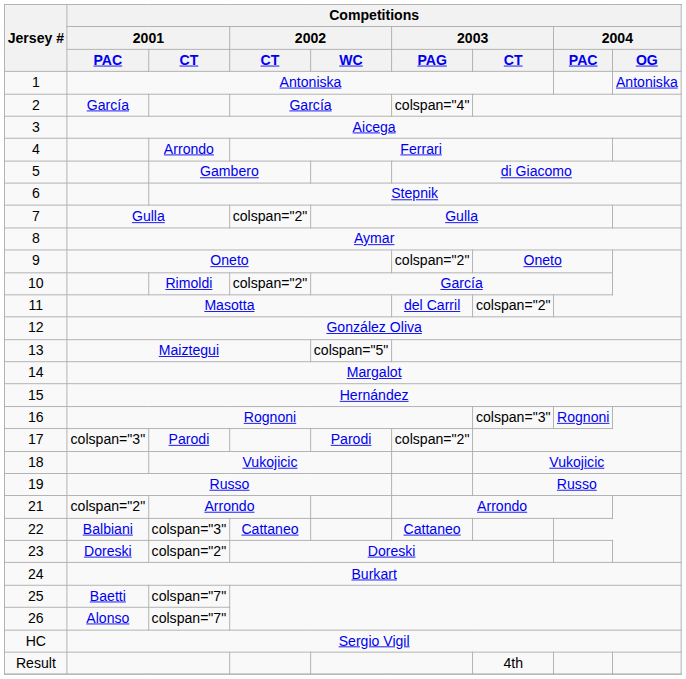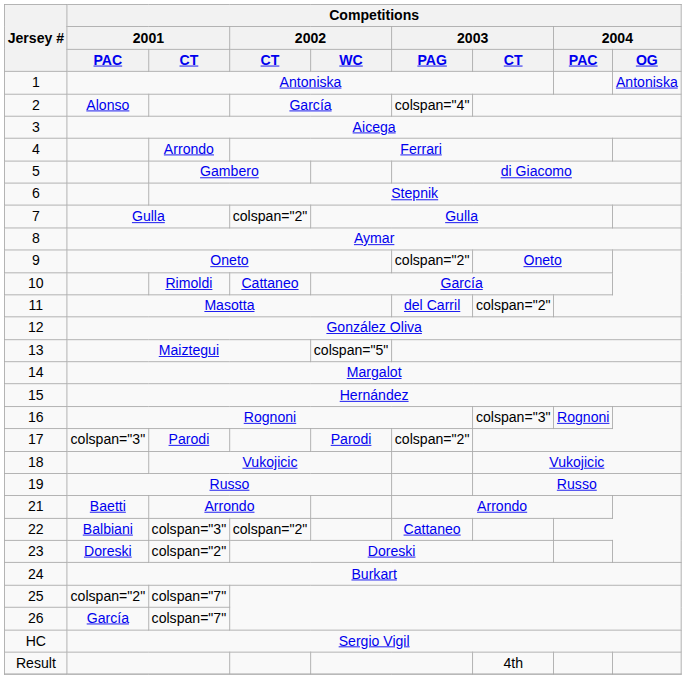 <table class="wikitable" style="text-align:center">
 <tr>
 <th rowspan="3">Jersey #</th>
 <th colspan="21">Competitions</th>
 </tr>
 <tr>
 <th colspan="2">2001</th>
 <th colspan="2">2002</th>
 <th colspan="2">2003</th>
 <th colspan="2">2004</th>
 </tr>
 <tr>
 <th><a href='#'>PAC</a></th>
 <th><a href='#'>CT</a></th>
 <th><a href='#'>CT</a></th>
 <th><a href='#'>WC</a></th>
 <th><a href='#'>PAG</a></th>
 <th><a href='#'>CT</a></th>
 <th><a href='#'>PAC</a></th>
 <th><a href='#'>OG</a></th>
 </tr>
 <tr>
 <td>1</td>
 <td colspan="6"><a href='#'>Antoniska</a></td>
 <td></td>
 <td><a href='#'>Antoniska</a></td>
 </tr>
 <tr>
 <td>2</td>
-<td><a href='#'>García</a></td>
+<td><a href='#'>Alonso</a></td>
 <td></td>
 <td colspan="2"><a href='#'>García</a></td>
 <td>colspan="4"</td>
 </tr>
 <tr>
 <td>3</td>
 <td colspan="8"><a href='#'>Aicega</a></td>
 </tr>
 <tr>
 <td>4</td>
 <td></td>
 <td><a href='#'>Arrondo</a></td>
 <td colspan="5"><a href='#'>Ferrari</a></td>
 <td></td>
 </tr>
 <tr>
 <td>5</td>
 <td></td>
 <td colspan="2"><a href='#'>Gambero</a></td>
 <td></td>
 <td colspan="4"><a href='#'>di Giacomo</a></td>
 </tr>
 <tr>
 <td>6</td>
 <td></td>
 <td colspan="7"><a href='#'>Stepnik</a></td>
 </tr>
 <tr>
 <td>7</td>
 <td colspan="2"><a href='#'>Gulla</a></td>
 <td>colspan="2"</td>
 <td colspan="4"><a href='#'>Gulla</a></td>
 </tr>
 <tr>
 <td>8</td>
 <td colspan="8"><a href='#'>Aymar</a></td>
 </tr>
 <tr>
 <td>9</td>
 <td colspan="4"><a href='#'>Oneto</a></td>
 <td>colspan="2" </td>
 <td colspan="2"><a href='#'>Oneto</a></td>
 </tr>
 <tr>
 <td>10</td>
 <td></td>
 <td><a href='#'>Rimoldi</a></td>
-<td>colspan="2"</td>
+<td><a href='#'>Cattaneo</a></td>
 <td colspan="4"><a href='#'>García</a></td>
 </tr>
 <tr>
 <td>11</td>
 <td colspan="4"><a href='#'>Masotta</a></td>
 <td><a href='#'>del Carril</a></td>
 <td>colspan="2"</td>
 </tr>
 <tr>
 <td>12</td>
 <td colspan="8"><a href='#'>González Oliva</a></td>
 </tr>
 <tr>
 <td>13</td>
 <td colspan="3"><a href='#'>Maiztegui</a></td>
 <td>colspan="5"</td>
 </tr>
 <tr>
 <td>14</td>
 <td colspan="8"><a href='#'>Margalot</a></td>
 </tr>
 <tr>
 <td>15</td>
 <td colspan="8"><a href='#'>Hernández</a></td>
 </tr>
 <tr>
 <td>16</td>
 <td colspan="5"><a href='#'>Rognoni</a></td>
 <td>colspan="3"</td>
 <td><a href='#'>Rognoni</a></td>
 </tr>
 <tr>
 <td>17</td>
 <td>colspan="3"</td>
 <td><a href='#'>Parodi</a></td>
 <td></td>
 <td><a href='#'>Parodi</a></td>
 <td>colspan="2"</td>
 </tr>
 <tr>
 <td>18</td>
 <td></td>
 <td colspan="3"><a href='#'>Vukojicic</a></td>
 <td></td>
 <td colspan="3"><a href='#'>Vukojicic</a></td>
 </tr>
 <tr>
 <td>19</td>
 <td colspan="4"><a href='#'>Russo</a></td>
 <td></td>
 <td colspan="3"><a href='#'>Russo</a></td>
 </tr>
 <tr>
 <td>21</td>
-<td>colspan="2"</td>
+<td><a href='#'>Baetti</a></td>
 <td colspan="2"><a href='#'>Arrondo</a></td>
 <td></td>
 <td colspan="3"><a href='#'>Arrondo</a></td>
 </tr>
 <tr>
 <td>22</td>
 <td><a href='#'>Balbiani</a></td>
 <td>colspan="3"</td>
-<td><a href='#'>Cattaneo</a></td>
+<td>colspan="2"</td>
 <td></td>
 <td><a href='#'>Cattaneo</a></td>
 <td></td>
 </tr>
 <tr>
 <td>23</td>
 <td><a href='#'>Doreski</a></td>
 <td>colspan="2"</td>
 <td colspan="4"><a href='#'>Doreski</a></td>
 <td></td>
 </tr>
 <tr>
 <td>24</td>
 <td colspan="8"><a href='#'>Burkart</a></td>
 </tr>
 <tr>
 <td>25</td>
-<td><a href='#'>Baetti</a></td>
+<td>colspan="2"</td>
 <td>colspan="7"</td>
 </tr>
 <tr>
 <td>26</td>
-<td><a href='#'>Alonso</a></td>
+<td><a href='#'>García</a></td>
 <td>colspan="7"</td>
 </tr>
 <tr>
 <td>HC</td>
 <td colspan="8"><a href='#'>Sergio Vigil</a></td>
 </tr>
 <tr>
 <td>Result</td>
 <td colspan="2"></td>
 <td></td>
 <td colspan="2"></td>
 <td>4th</td>
 <td></td>
 <td></td>
 </tr>
 <tr>
 </tr>
 </table>
